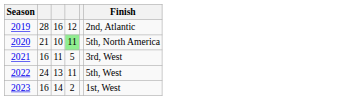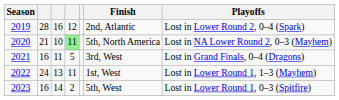 <table class="wikitable" style="text-align:center;">
 <tr>
 <th style="background:#">Season</th>
 <th style="background:#"></th>
 <th style="background:#"></th>
 <th style="background:#"></th>
 <th style="background:#"></th>
 <th style="background:#">Finish</th>
+<th style="background:#">Playoffs</th>
 </tr>
 <tr>
 <td><a href='#'>2019</a></td>
 <td>28</td>
 <td>16</td>
 <td>12</td>
 <td></td>
 <td style="text-align:left">2nd, Atlantic</td>
+<td style="text-align:left">Lost in <a href='#'>Lower Round 2</a>, 0–4 (<a href='#'>Spark</a>)</td>
 </tr>
 <tr>
 <td><a href='#'>2020</a></td>
 <td>21</td>
 <td>10</td>
 <td style="background: lightgreen;">11</td>
 <td></td>
 <td style="text-align:left">5th, North America</td>
+<td style="text-align:left">Lost in <a href='#'>NA Lower Round 2</a>, 0–3 (<a href='#'>Mayhem</a>)</td>
 </tr>
 <tr>
 <td><a href='#'>2021</a></td>
 <td>16</td>
 <td>11</td>
 <td>5</td>
 <td></td>
 <td style="text-align:left">3rd, West</td>
+<td style="text-align:left">Lost in <a href='#'>Grand Finals</a>, 0–4 (<a href='#'>Dragons</a>)</td>
 </tr>
 <tr>
 <td><a href='#'>2022</a></td>
 <td>24</td>
 <td>13</td>
 <td>11</td>
 <td></td>
-<td style="text-align:left">5th, West</td>
+<td style="text-align:left">1st, West</td>
+<td style="text-align:left">Lost in <a href='#'>Lower Round 1</a>, 1–3 (<a href='#'>Mayhem</a>)</td>
 </tr>
 <tr>
 <td><a href='#'>2023</a></td>
 <td>16</td>
 <td>14</td>
 <td>2</td>
 <td></td>
-<td style="text-align:left">1st, West</td>
+<td style="text-align:left">5th, West</td>
+<td style="text-align:left">Lost in <a href='#'>Lower Round 1</a>, 0–3 (<a href='#'>Spitfire</a>)</td>
 </tr>
 </table>
